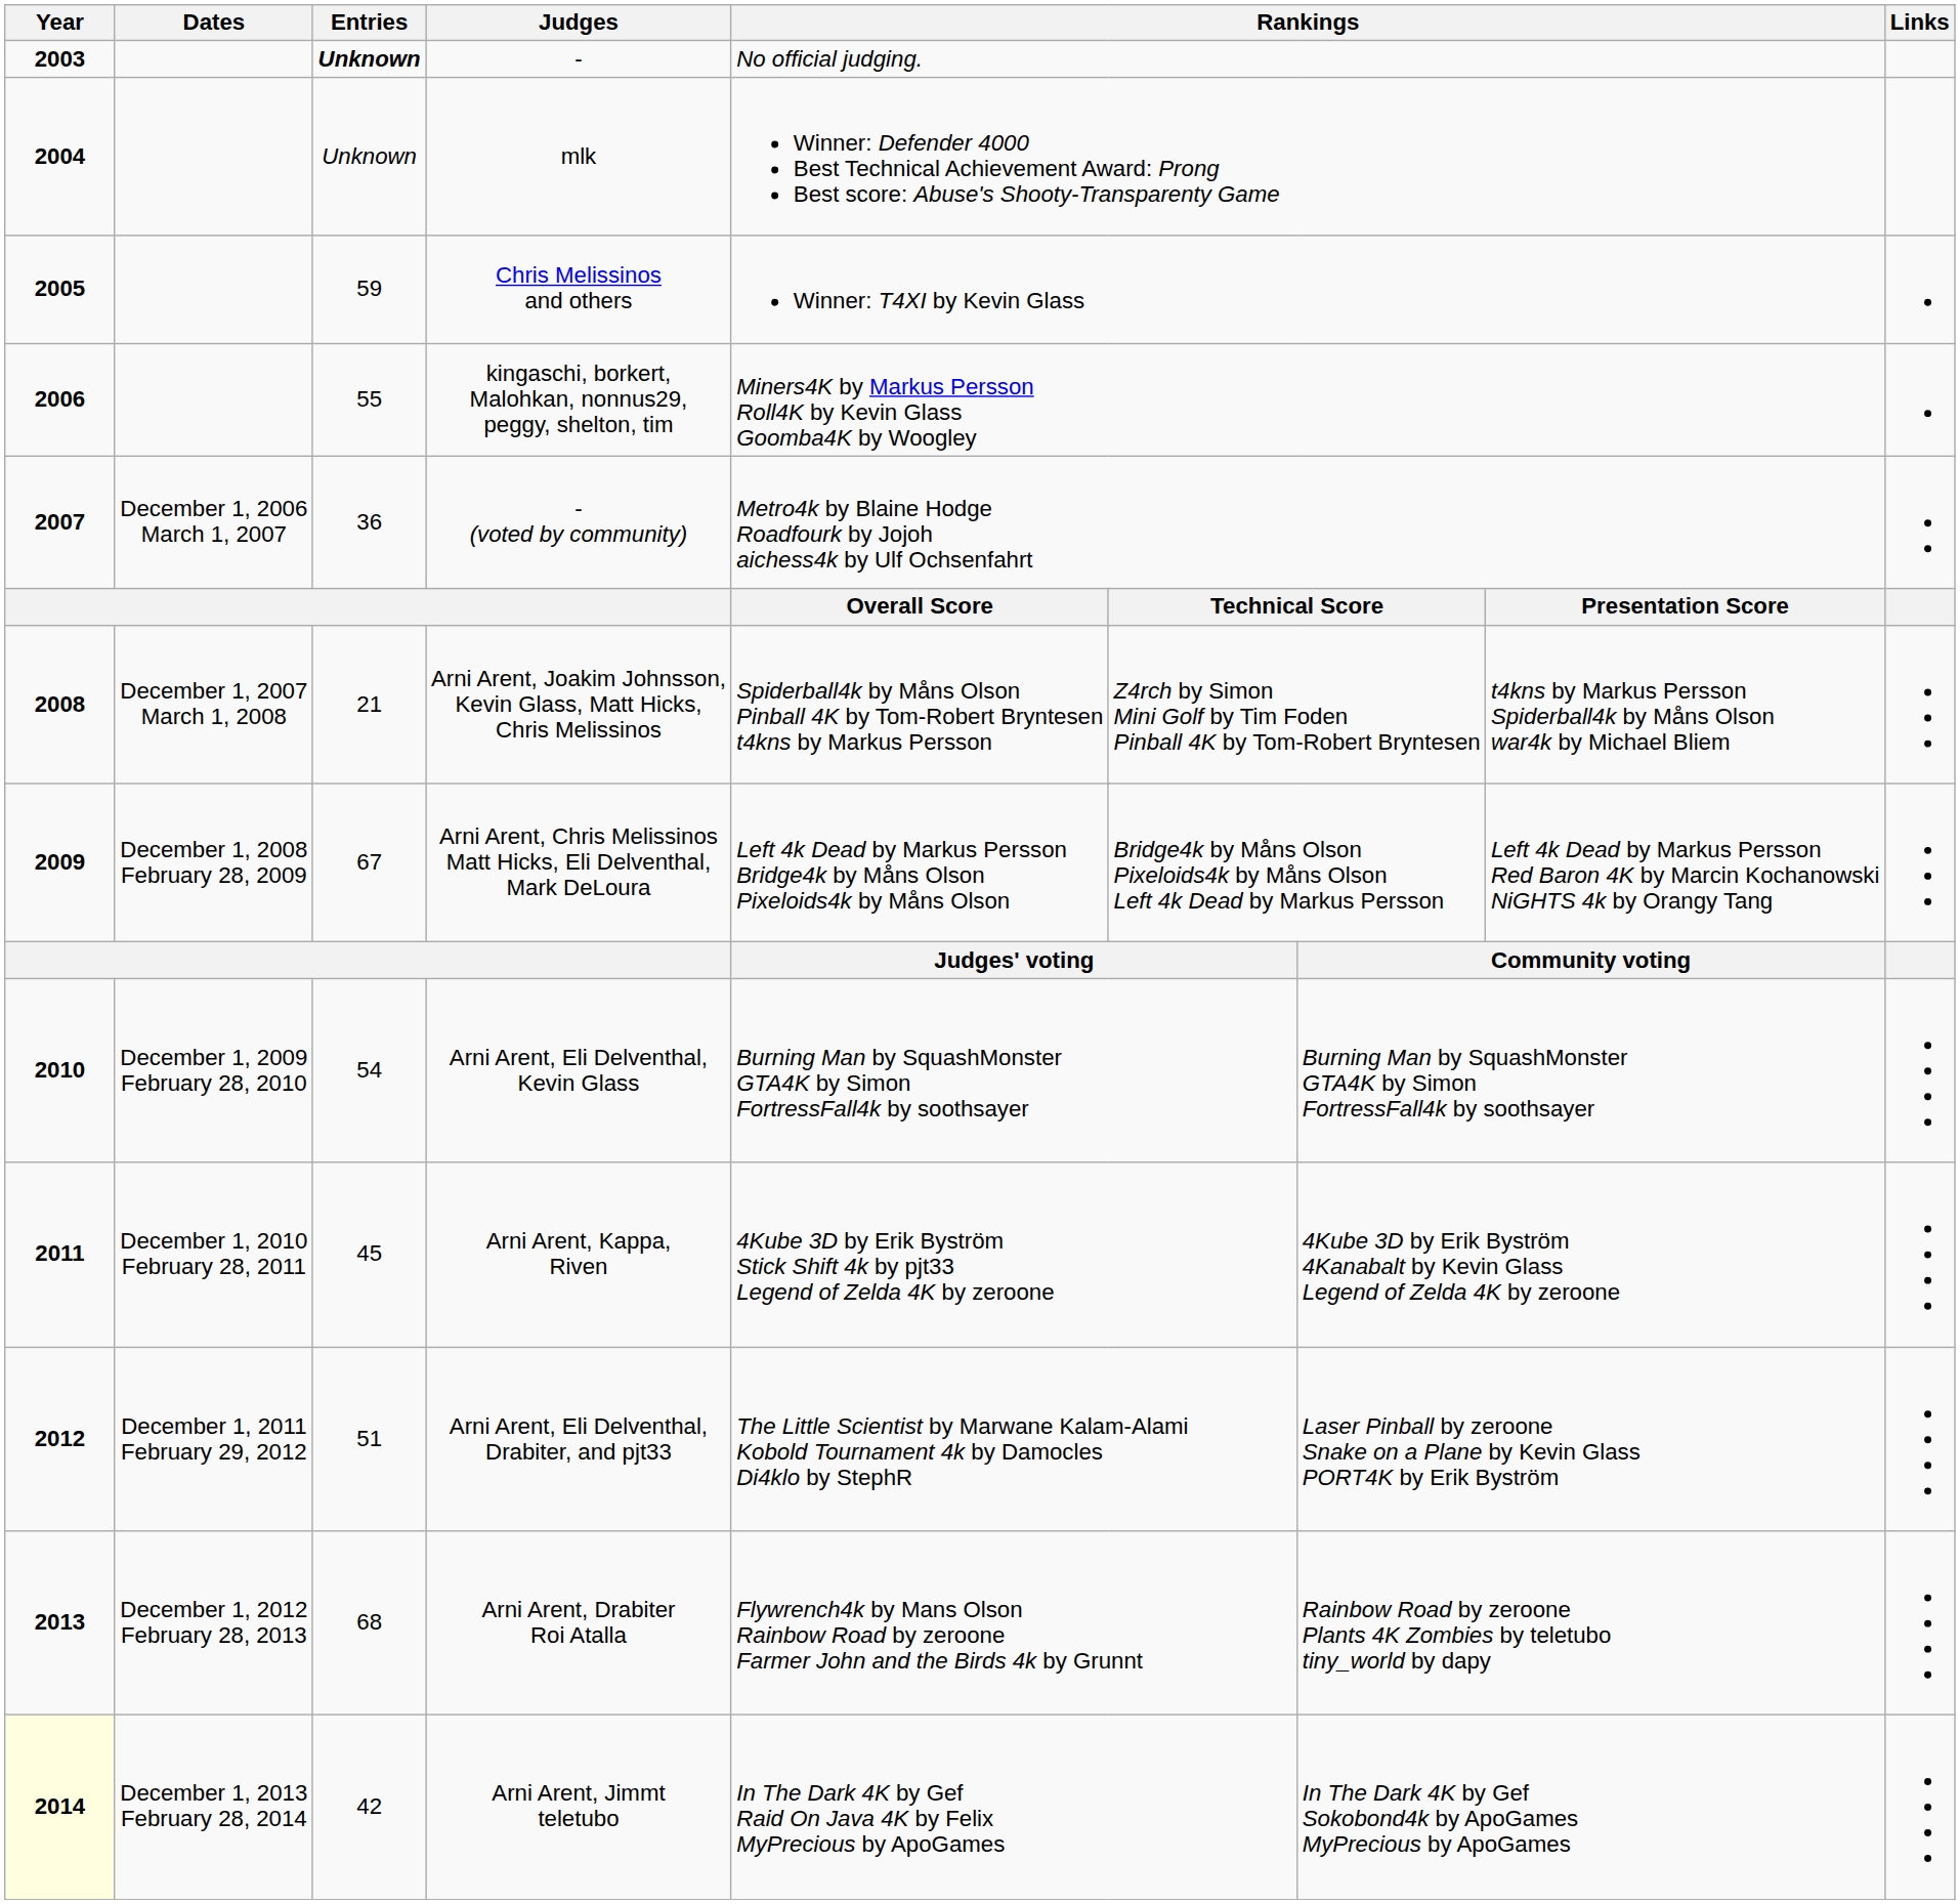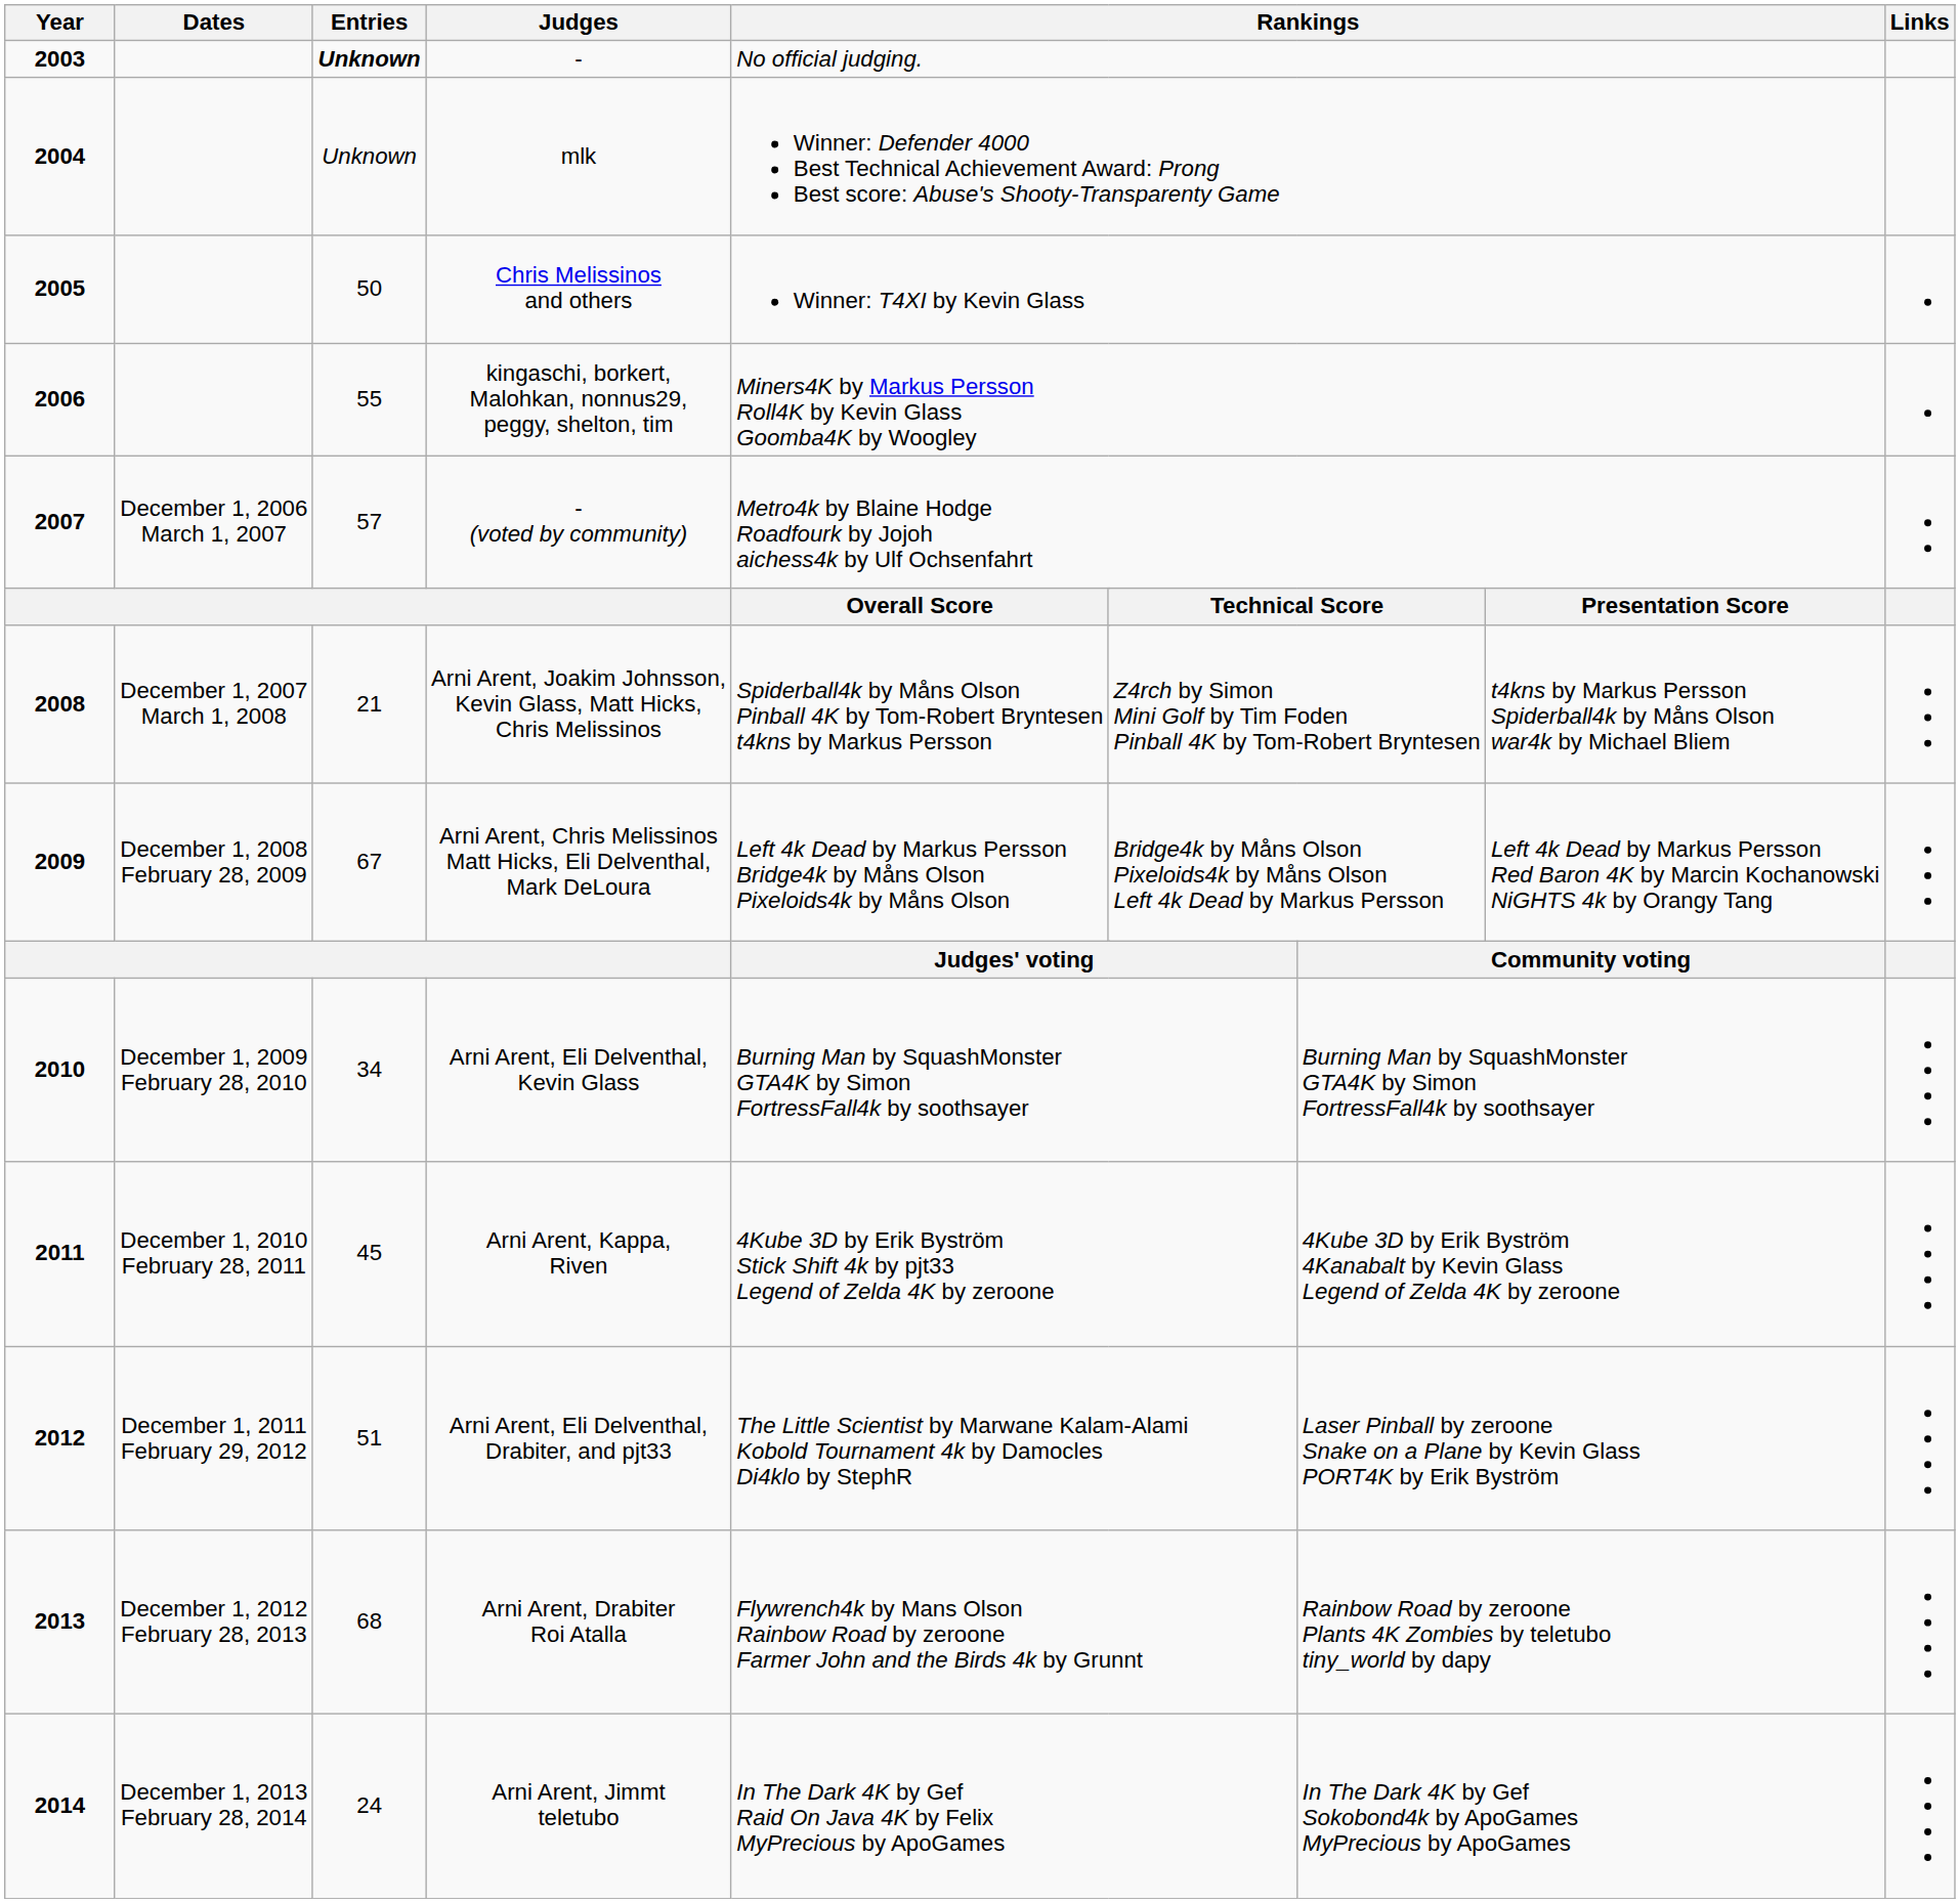 <table class="wikitable">
 <tr>
 <th style="min-width: 70px">Year</th>
 <th style="min-width: 130px">Dates</th>
 <th style="min-width: 70px">Entries</th>
 <th>Judges</th>
 <th colspan="6">Rankings</th>
 <th>Links</th>
 </tr>
 <tr>
 <td style="text-align: center"><strong>2003</strong></td>
 <td></td>
 <td style="text-align: center"><strong><em>Unknown</em></strong></td>
 <td style="text-align: center">-</td>
 <td colspan="6"><em>No official judging.</em></td>
 <td></td>
 </tr>
 <tr>
 <td style="text-align: center"><strong>2004</strong></td>
 <td></td>
 <td style="text-align: center"><em>Unknown</em></td>
 <td style="text-align: center">mlk</td>
 <td colspan="6"><br><ul><li>Winner: <em>Defender 4000</em></li><li>Best Technical Achievement Award: <em>Prong</em></li><li>Best score: <em>Abuse's Shooty-Transparenty Game</em></li></ul></td>
 <td></td>
 </tr>
 <tr>
 <td style="text-align: center"><strong>2005</strong></td>
 <td></td>
-<td style="text-align: center">59</td>
+<td style="text-align: center">50</td>
 <td style="text-align: center"><a href='#'>Chris Melissinos</a><br>and others</td>
 <td colspan="6"><br><ul><li>Winner: <em>T4XI</em> by Kevin Glass</li></ul></td>
 <td><br><ul><li></li></ul></td>
 </tr>
 <tr>
 <td style="text-align: center"><strong>2006</strong></td>
 <td></td>
 <td style="text-align: center">55</td>
 <td style="text-align: center">kingaschi, borkert,<br>Malohkan, nonnus29,<br>peggy, shelton, tim</td>
 <td colspan="6"><br> <em>Miners4K</em> by <a href='#'>Markus Persson</a><br>  <em>Roll4K</em> by Kevin Glass<br>  <em>Goomba4K</em> by Woogley</td>
 <td><br><ul><li></li></ul></td>
 </tr>
 <tr>
 <td style="text-align: center"><strong>2007</strong></td>
 <td style="text-align: center">December 1, 2006<br>March 1, 2007</td>
-<td style="text-align: center">36</td>
+<td style="text-align: center">57</td>
 <td style="text-align: center">-<br><em>(voted by community)</em></td>
 <td colspan="6"><br> <em>Metro4k</em> by Blaine Hodge<br>  <em>Roadfourk</em> by Jojoh<br>  <em>aichess4k</em> by Ulf Ochsenfahrt</td>
 <td><br><ul><li></li><li></li></ul></td>
 </tr>
 <tr>
 <th colspan="4"></th>
 <th colspan="2">Overall Score</th>
 <th colspan="2">Technical Score</th>
 <th colspan="2">Presentation Score</th>
 <th></th>
 </tr>
 <tr>
 <td style="text-align: center"><strong>2008</strong></td>
 <td style="text-align: center">December 1, 2007<br>March 1, 2008</td>
 <td style="text-align: center">21</td>
 <td style="text-align: center">Arni Arent, Joakim Johnsson,<br>Kevin Glass, Matt Hicks,<br>Chris Melissinos</td>
 <td colspan="2"><br> <em>Spiderball4k</em> by Måns Olson<br>  <em>Pinball 4K</em> by Tom-Robert Bryntesen<br>  <em>t4kns</em> by Markus Persson</td>
 <td colspan="2"><br> <em>Z4rch</em> by Simon<br>  <em>Mini Golf</em> by Tim Foden<br>  <em>Pinball 4K</em> by Tom-Robert Bryntesen</td>
 <td colspan="2"><br> <em>t4kns</em> by Markus Persson<br>  <em>Spiderball4k</em> by Måns Olson<br>  <em>war4k</em> by Michael Bliem</td>
 <td><br><ul><li></li><li></li><li></li></ul></td>
 </tr>
 <tr>
 <td style="text-align: center"><strong>2009</strong></td>
 <td style="text-align: center">December 1, 2008<br>February 28, 2009</td>
 <td style="text-align: center">67</td>
 <td style="text-align: center">Arni Arent, Chris Melissinos<br>Matt Hicks, Eli Delventhal,<br>Mark DeLoura</td>
 <td colspan="2"><br> <em>Left 4k Dead</em> by Markus Persson<br>  <em>Bridge4k</em> by Måns Olson<br>  <em>Pixeloids4k</em> by Måns Olson</td>
 <td colspan="2"><br> <em>Bridge4k</em> by Måns Olson<br>  <em>Pixeloids4k</em> by Måns Olson<br>  <em>Left 4k Dead</em> by Markus Persson</td>
 <td colspan="2"><br> <em>Left 4k Dead</em> by Markus Persson<br>  <em>Red Baron 4K</em> by Marcin Kochanowski<br>  <em>NiGHTS 4k</em> by Orangy Tang</td>
 <td><br><ul><li></li><li></li><li></li></ul></td>
 </tr>
 <tr>
 <th colspan="4"></th>
 <th colspan="3">Judges' voting</th>
 <th colspan="3">Community voting</th>
 <th></th>
 </tr>
 <tr>
 <td style="text-align: center"><strong>2010</strong></td>
 <td style="text-align: center">December 1, 2009<br>February 28, 2010</td>
-<td style="text-align: center">54</td>
+<td style="text-align: center">34</td>
 <td style="text-align: center">Arni Arent, Eli Delventhal,<br>Kevin Glass</td>
 <td colspan="3"><br> <em>Burning Man</em> by SquashMonster<br>  <em>GTA4K</em> by Simon<br>  <em>FortressFall4k</em> by soothsayer</td>
 <td colspan="3"><br> <em>Burning Man</em> by SquashMonster<br>  <em>GTA4K</em> by Simon<br>  <em>FortressFall4k</em> by soothsayer</td>
 <td><br><ul><li></li><li></li><li></li><li></li></ul></td>
 </tr>
 <tr>
 <td style="text-align: center"><strong>2011</strong></td>
 <td style="text-align: center">December 1, 2010<br>February 28, 2011</td>
 <td style="text-align: center">45</td>
 <td style="text-align: center">Arni Arent, Kappa,<br>Riven</td>
 <td colspan="3"><br> <em>4Kube 3D</em> by Erik Byström<br>  <em>Stick Shift 4k</em> by pjt33<br>  <em>Legend of Zelda 4K</em> by zeroone</td>
 <td colspan="3"><br> <em>4Kube 3D</em> by Erik Byström<br>  <em>4Kanabalt</em> by Kevin Glass <br>  <em>Legend of Zelda 4K</em> by zeroone</td>
 <td><br><ul><li></li><li></li><li></li><li></li></ul></td>
 </tr>
 <tr>
 <td style="text-align: center"><strong>2012</strong></td>
 <td style="text-align: center">December 1, 2011<br>February 29, 2012</td>
 <td style="text-align: center">51</td>
 <td style="text-align: center">Arni Arent, Eli Delventhal,<br>Drabiter, and pjt33</td>
 <td colspan="3"><br> <em>The Little Scientist</em> by Marwane Kalam-Alami<br>  <em>Kobold Tournament 4k</em> by Damocles<br>  <em>Di4klo</em> by StephR</td>
 <td colspan="3"><br> <em>Laser Pinball</em> by zeroone<br>  <em>Snake on a Plane</em> by Kevin Glass<br>  <em>PORT4K</em> by Erik Byström</td>
 <td><br><ul><li></li><li></li><li></li><li></li></ul></td>
 </tr>
 <tr>
 <td style="text-align: center"><strong>2013</strong></td>
 <td style="text-align: center">December 1, 2012<br>February 28, 2013</td>
 <td style="text-align: center">68</td>
 <td style="text-align: center">Arni Arent, Drabiter<br>Roi Atalla</td>
 <td colspan="3"><br> <em>Flywrench4k</em> by Mans Olson<br>  <em>Rainbow Road</em> by zeroone<br>  <em>Farmer John and the Birds 4k</em> by Grunnt</td>
 <td colspan="3"><br> <em>Rainbow Road</em> by zeroone<br>  <em>Plants 4K Zombies</em> by teletubo<br>  <em>tiny_world</em> by dapy</td>
 <td><br><ul><li></li><li></li><li></li><li></li></ul></td>
 </tr>
 <tr>
-<td style="background: lightyellow; text-align: center"><strong>2014</strong></td>
+<td style="text-align: center"><strong>2014</strong></td>
 <td style="text-align: center">December 1, 2013<br>February 28, 2014</td>
-<td style="text-align: center">42</td>
+<td style="text-align: center">24</td>
 <td style="text-align: center">Arni Arent, Jimmt<br>teletubo</td>
 <td colspan="3"><br> <em>In The Dark 4K</em> by Gef<br>  <em>Raid On Java 4K</em> by Felix<br>  <em>MyPrecious</em> by ApoGames</td>
 <td colspan="3"><br> <em>In The Dark 4K</em> by Gef<br>  <em>Sokobond4k</em> by ApoGames<br>  <em>MyPrecious</em> by ApoGames</td>
 <td><br><ul><li></li><li></li><li></li><li></li></ul></td>
 </tr>
 </table>
